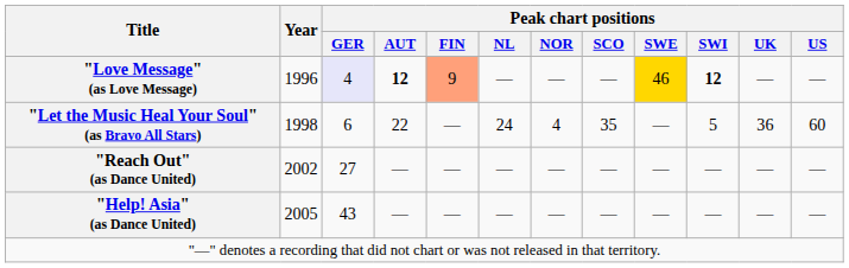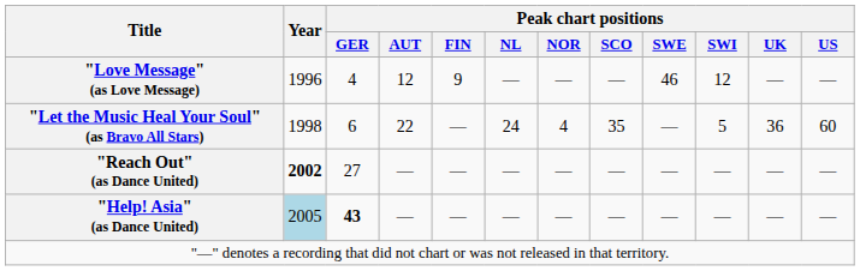 <table class="wikitable plainrowheaders" style="text-align:center;">
 <tr>
 <th scope="col" rowspan="2" style="width:16em;">Title</th>
 <th scope="col" rowspan="2">Year</th>
 <th scope="col" colspan="10">Peak chart positions</th>
 </tr>
 <tr>
 <th style="width:3em;font-size:90%"><a href='#'>GER</a><br></th>
 <th style="width:3em;font-size:90%"><a href='#'>AUT</a><br></th>
 <th style="width:3em;font-size:90%"><a href='#'>FIN</a><br></th>
 <th style="width:3em;font-size:90%"><a href='#'>NL</a><br></th>
 <th style="width:3em;font-size:90%"><a href='#'>NOR</a><br></th>
 <th style="width:3em;font-size:90%"><a href='#'>SCO</a><br></th>
 <th style="width:3em;font-size:90%"><a href='#'>SWE</a><br></th>
 <th style="width:3em;font-size:90%"><a href='#'>SWI</a><br></th>
 <th style="width:3em;font-size:90%"><a href='#'>UK</a><br></th>
 <th style="width:3em;font-size:90%"><a href='#'>US</a><br></th>
 </tr>
 <tr>
 <th scope="row">"<a href='#'>Love Message</a>"<br><small>(as Love Message)</small></th>
 <td>1996</td>
-<td style="background: lavender;">4</td>
-<td><strong>12</strong></td>
-<td style="background: lightsalmon;">9</td>
+<td>4</td>
+<td>12</td>
+<td>9</td>
 <td>—</td>
 <td>—</td>
 <td>—</td>
-<td style="background: gold;">46</td>
-<td><strong>12</strong></td>
+<td>46</td>
+<td>12</td>
 <td>—</td>
 <td>—</td>
 </tr>
 <tr>
 <th scope="row">"<a href='#'>Let the Music Heal Your Soul</a>"<br><small>(as <a href='#'>Bravo All Stars</a>)</small></th>
 <td>1998</td>
 <td>6</td>
 <td>22</td>
 <td>—</td>
 <td>24</td>
 <td>4</td>
 <td>35</td>
 <td>—</td>
 <td>5</td>
 <td>36</td>
 <td>60</td>
 </tr>
 <tr>
 <th scope="row">"Reach Out"<br><small>(as Dance United)</small></th>
-<td>2002</td>
+<td><strong>2002</strong></td>
 <td>27</td>
 <td>—</td>
 <td>—</td>
 <td>—</td>
 <td>—</td>
 <td>—</td>
 <td>—</td>
 <td>—</td>
 <td>—</td>
 <td>—</td>
 </tr>
 <tr>
 <th scope="row">"<a href='#'>Help! Asia</a>"<br><small>(as Dance United)</small></th>
-<td>2005</td>
-<td>43</td>
+<td style="background: lightblue;">2005</td>
+<td><strong>43</strong></td>
 <td>—</td>
 <td>—</td>
 <td>—</td>
 <td>—</td>
 <td>—</td>
 <td>—</td>
 <td>—</td>
 <td>—</td>
 <td>—</td>
 </tr>
 <tr>
 <td colspan="12" style="font-size:90%">"—" denotes a recording that did not chart or was not released in that territory.</td>
 </tr>
 </table>
